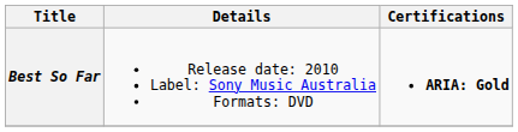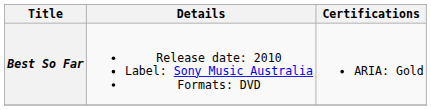 <table class="wikitable plainrowheaders" style="text-align:center;">
 <tr>
 <th>Title</th>
 <th>Details</th>
 <th>Certifications</th>
 </tr>
 <tr>
 <th scope="row"><em>Best So Far</em></th>
 <td><br><ul><li>Release date: 2010</li><li>Label: <a href='#'>Sony Music Australia</a></li><li>Formats: DVD</li></ul></td>
-<td align="left"><strong><br><ul><li>ARIA: Gold </li></ul></strong></td>
+<td align="left"><br><ul><li>ARIA: Gold </li></ul></td>
 </tr>
 <tr>
 </tr>
 </table>
